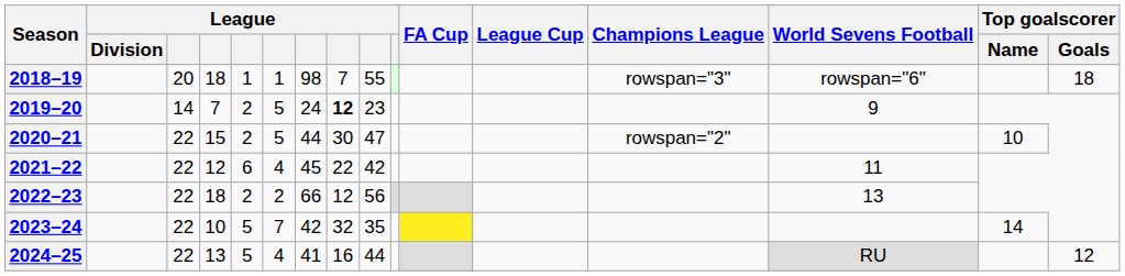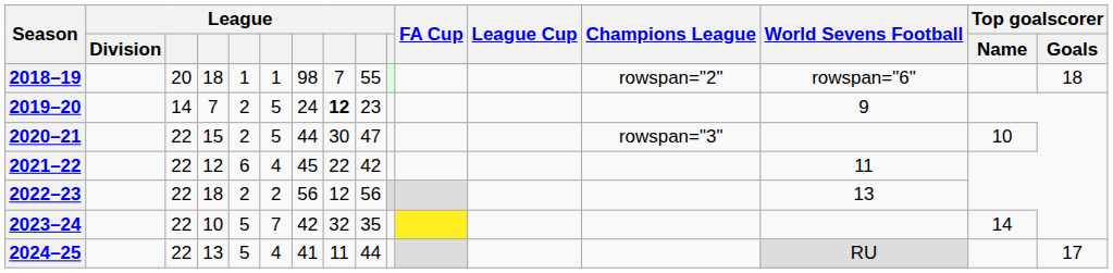 <table class="wikitable sortable plainrowheaders" style="text-align: center">
 <tr>
 <th rowspan=2 scope=col>Season</th>
 <th colspan=9 scope=col>League</th>
 <th rowspan=2 scope=col><a href='#'>FA Cup</a></th>
 <th rowspan=2 scope=col><a href='#'>League Cup</a></th>
 <th rowspan=2 scope=col><a href='#'>Champions League</a></th>
 <th rowspan=2 scope=col><a href='#'>World Sevens Football</a></th>
 <th colspan=2 scope=col>Top goalscorer</th>
 </tr>
 <tr>
 <th scope=col>Division</th>
 <th width=20 scope=col></th>
 <th width=20 scope=col></th>
 <th width=20 scope=col></th>
 <th width=20 scope=col></th>
 <th width=20 scope=col></th>
 <th width=20 scope=col></th>
 <th width=20 scope=col></th>
 <th scope=col></th>
 <th scope=col>Name</th>
 <th scope=col>Goals</th>
 </tr>
 <tr>
 <th scope=row><a href='#'>2018–19</a></th>
 <td></td>
 <td>20</td>
 <td>18</td>
 <td>1</td>
 <td>1</td>
 <td>98</td>
 <td>7</td>
 <td>55</td>
 <td style=background-color:#dfd></td>
 <td><a href='#'></a></td>
 <td><a href='#'></a></td>
-<td>rowspan="3"</td>
+<td>rowspan="2"</td>
 <td>rowspan="6"</td>
 <td style=text-align:left></td>
 <td>18</td>
 </tr>
 <tr>
 <th scope=row><a href='#'>2019–20</a></th>
 <td></td>
 <td>14</td>
 <td>7</td>
 <td>2</td>
 <td>5</td>
 <td>24</td>
 <td><strong>12</strong></td>
 <td>23</td>
 <td></td>
 <td><a href='#'></a></td>
 <td><a href='#'></a></td>
 <td style=text-align:left></td>
 <td>9</td>
 </tr>
 <tr>
 <th scope=row><a href='#'>2020–21</a></th>
 <td></td>
 <td>22</td>
 <td>15</td>
 <td>2</td>
 <td>5</td>
 <td>44</td>
 <td>30</td>
 <td>47</td>
 <td></td>
 <td><a href='#'></a></td>
 <td><a href='#'></a></td>
-<td>rowspan="2"</td>
+<td>rowspan="3"</td>
 <td style=text-align:left></td>
 <td>10</td>
 </tr>
 <tr>
 <th scope=row><a href='#'>2021–22</a></th>
 <td></td>
 <td>22</td>
 <td>12</td>
 <td>6</td>
 <td>4</td>
 <td>45</td>
 <td>22</td>
 <td>42</td>
 <td></td>
 <td><a href='#'></a></td>
 <td><a href='#'></a></td>
 <td style=text-align:left></td>
 <td>11</td>
 </tr>
 <tr>
 <th scope=row><a href='#'>2022–23</a></th>
 <td></td>
 <td>22</td>
 <td>18</td>
 <td>2</td>
 <td>2</td>
-<td>66</td>
+<td>56</td>
 <td>12</td>
 <td>56</td>
 <td style="background-color:#DDD"></td>
 <td style="background-color:#DDD"><a href='#'></a></td>
 <td><a href='#'></a></td>
 <td style=text-align:left></td>
 <td>13</td>
 </tr>
 <tr>
 <th scope=row><a href='#'>2023–24</a></th>
 <td></td>
 <td>22</td>
 <td>10</td>
 <td>5</td>
 <td>7</td>
 <td>42</td>
 <td>32</td>
 <td>35</td>
 <td></td>
 <td style="background-color:#FE2"><a href='#'></a></td>
 <td><a href='#'></a></td>
 <td><a href='#'></a></td>
 <td style=text-align:left></td>
 <td>14</td>
 </tr>
 <tr>
 <th scope=row><a href='#'>2024–25</a></th>
 <td></td>
 <td>22</td>
 <td>13</td>
 <td>5</td>
 <td>4</td>
 <td>41</td>
-<td>16</td>
+<td>11</td>
 <td>44</td>
 <td></td>
 <td style="background-color:#DDD"><a href='#'></a></td>
 <td><a href='#'></a></td>
 <td></td>
 <td style="background-color:#DDD">RU</td>
 <td style=text-align:left></td>
-<td>12</td>
+<td>17</td>
 </tr>
 </table>
